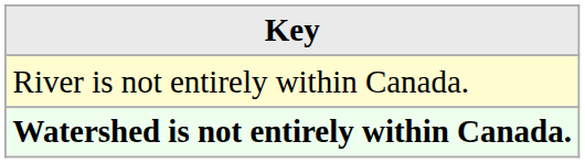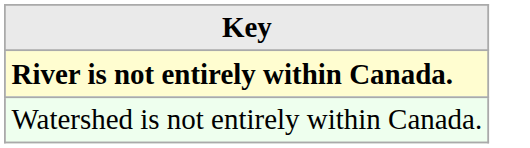 <table class="wikitable" border="1">
 <tr>
 <th style="background:#eaeaea" colspan=6>Key</th>
 </tr>
 <tr>
-<td bgcolor="#fffdd0" style="text-align: left"> River is not entirely within Canada.</td>
+<td bgcolor="#fffdd0" style="text-align: left"><strong> River is not entirely within Canada.</strong></td>
 </tr>
 <tr>
-<td bgcolor="#eeffee" style="text-align: left"><strong> Watershed is not entirely within Canada.</strong></td>
+<td bgcolor="#eeffee" style="text-align: left"> Watershed is not entirely within Canada.</td>
 </tr>
 </table>
